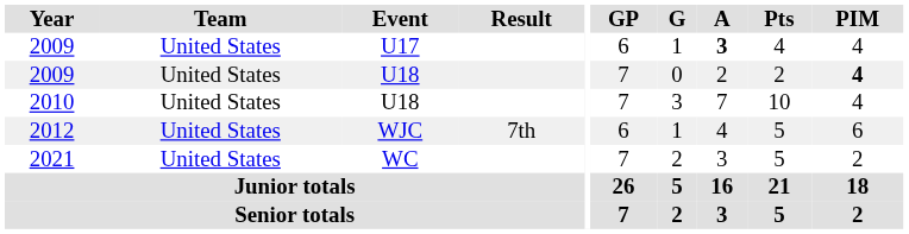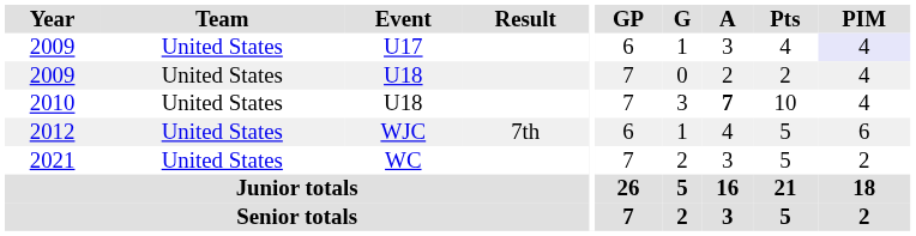 <table border="0" cellpadding="1" cellspacing="0" ID="Table3" style="text-align:center; width:40em">
 <tr ALIGN="center" bgcolor="#e0e0e0">
 <th>Year</th>
 <th>Team</th>
 <th>Event</th>
 <th>Result</th>
 <th rowspan="99" bgcolor="#ffffff"></th>
 <th>GP</th>
 <th>G</th>
 <th>A</th>
 <th>Pts</th>
 <th>PIM</th>
 </tr>
 <tr>
 <td><a href='#'>2009</a></td>
 <td><a href='#'>United States</a></td>
 <td><a href='#'>U17</a></td>
 <td></td>
 <td>6</td>
 <td>1</td>
-<td><strong>3</strong></td>
+<td>3</td>
 <td>4</td>
-<td>4</td>
+<td style="background: lavender;">4</td>
 </tr>
 <tr bgcolor="#f0f0f0">
 <td><a href='#'>2009</a></td>
 <td>United States</td>
 <td><a href='#'>U18</a></td>
 <td></td>
 <td>7</td>
 <td>0</td>
 <td>2</td>
 <td>2</td>
-<td><strong>4</strong></td>
+<td>4</td>
 </tr>
 <tr>
 <td><a href='#'>2010</a></td>
 <td>United States</td>
 <td>U18</td>
 <td></td>
 <td>7</td>
 <td>3</td>
-<td>7</td>
+<td><strong>7</strong></td>
 <td>10</td>
 <td>4</td>
 </tr>
 <tr bgcolor="#f0f0f0">
 <td><a href='#'>2012</a></td>
 <td><a href='#'>United States</a></td>
 <td><a href='#'>WJC</a></td>
 <td>7th</td>
 <td>6</td>
 <td>1</td>
 <td>4</td>
 <td>5</td>
 <td>6</td>
 </tr>
 <tr>
 <td><a href='#'>2021</a></td>
 <td><a href='#'>United States</a></td>
 <td><a href='#'>WC</a></td>
 <td></td>
 <td>7</td>
 <td>2</td>
 <td>3</td>
 <td>5</td>
 <td>2</td>
 </tr>
 <tr bgcolor="#e0e0e0">
 <th colspan=4>Junior totals</th>
 <th>26</th>
 <th>5</th>
 <th>16</th>
 <th>21</th>
 <th>18</th>
 </tr>
 <tr bgcolor="#e0e0e0">
 <th colspan=4>Senior totals</th>
 <th>7</th>
 <th>2</th>
 <th>3</th>
 <th>5</th>
 <th>2</th>
 </tr>
 </table>
